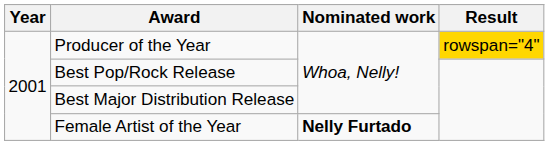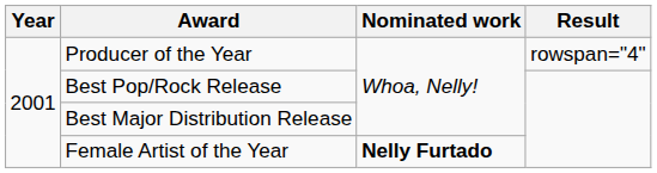 <table class="wikitable">
 <tr>
 <th>Year</th>
 <th>Award</th>
 <th>Nominated work</th>
 <th>Result</th>
 </tr>
 <tr>
 <td rowspan="4">2001</td>
 <td>Producer of the Year</td>
 <td rowspan="3"><em>Whoa, Nelly!</em></td>
-<td style="background: gold;">rowspan="4" </td>
+<td>rowspan="4" </td>
 </tr>
 <tr>
 <td>Best Pop/Rock Release</td>
 </tr>
 <tr>
 <td>Best Major Distribution Release</td>
 </tr>
 <tr>
 <td>Female Artist of the Year</td>
 <td><strong>Nelly Furtado</strong></td>
 </tr>
 </table>
